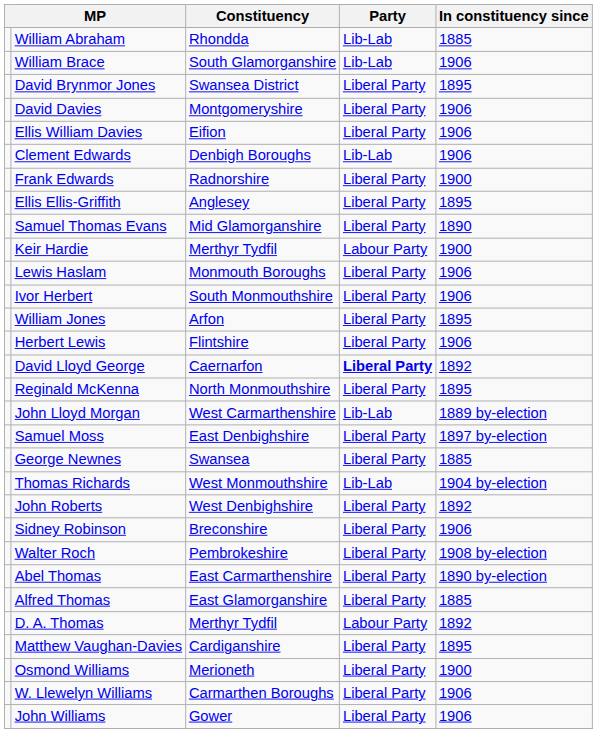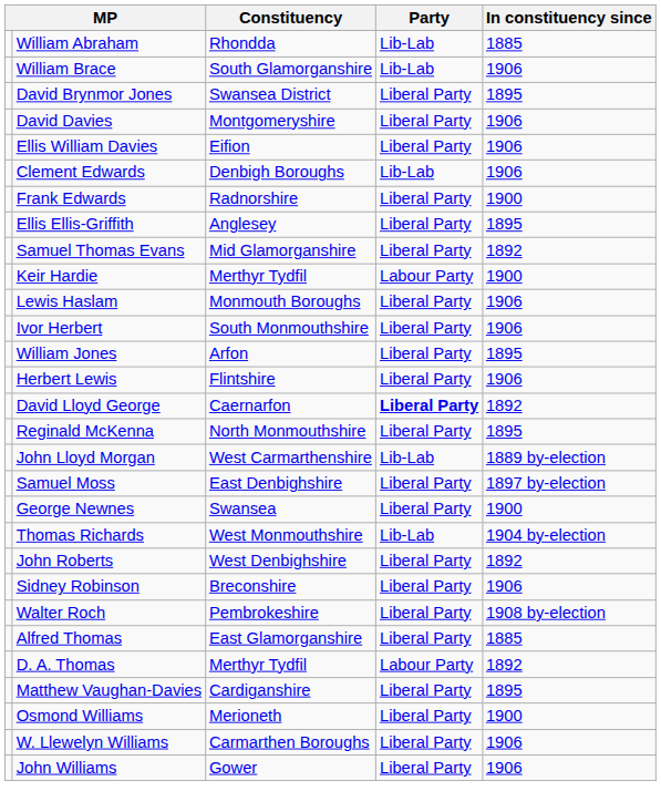 <table class="wikitable sortable">
 <tr>
 <th colspan="2">MP</th>
 <th>Constituency</th>
 <th>Party</th>
 <th>In constituency since</th>
 </tr>
 <tr>
 <td style="color:inherit;background-color: "></td>
 <td><a href='#'>William Abraham</a></td>
 <td><a href='#'>Rhondda</a></td>
 <td><a href='#'>Lib-Lab</a></td>
 <td><a href='#'>1885</a></td>
 </tr>
 <tr>
 <td style="color:inherit;background-color: "></td>
 <td><a href='#'>William Brace</a></td>
 <td><a href='#'>South Glamorganshire</a></td>
 <td><a href='#'>Lib-Lab</a></td>
 <td><a href='#'>1906</a></td>
 </tr>
 <tr>
 <td style="color:inherit;background-color: "></td>
 <td><a href='#'>David Brynmor Jones</a></td>
 <td><a href='#'>Swansea District</a></td>
 <td><a href='#'>Liberal Party</a></td>
 <td><a href='#'>1895</a></td>
 </tr>
 <tr>
 <td style="color:inherit;background-color: "></td>
 <td><a href='#'>David Davies</a></td>
 <td><a href='#'>Montgomeryshire</a></td>
 <td><a href='#'>Liberal Party</a></td>
 <td><a href='#'>1906</a></td>
 </tr>
 <tr>
 <td style="color:inherit;background-color: "></td>
 <td><a href='#'>Ellis William Davies</a></td>
 <td><a href='#'>Eifion</a></td>
 <td><a href='#'>Liberal Party</a></td>
 <td><a href='#'>1906</a></td>
 </tr>
 <tr>
 <td style="color:inherit;background-color: "></td>
 <td><a href='#'>Clement Edwards</a></td>
 <td><a href='#'>Denbigh Boroughs</a></td>
 <td><a href='#'>Lib-Lab</a></td>
 <td><a href='#'>1906</a></td>
 </tr>
 <tr>
 <td style="color:inherit;background-color: "></td>
 <td><a href='#'>Frank Edwards</a></td>
 <td><a href='#'>Radnorshire</a></td>
 <td><a href='#'>Liberal Party</a></td>
 <td><a href='#'>1900</a></td>
 </tr>
 <tr>
 <td style="color:inherit;background-color: "></td>
 <td><a href='#'>Ellis Ellis-Griffith</a></td>
 <td><a href='#'>Anglesey</a></td>
 <td><a href='#'>Liberal Party</a></td>
 <td><a href='#'>1895</a></td>
 </tr>
 <tr>
 <td style="color:inherit;background-color: "></td>
 <td><a href='#'>Samuel Thomas Evans</a></td>
 <td><a href='#'>Mid Glamorganshire</a></td>
 <td><a href='#'>Liberal Party</a></td>
-<td><a href='#'>1890</a></td>
+<td><a href='#'>1892</a></td>
 </tr>
 <tr>
 <td style="color:inherit;background-color: "></td>
 <td><a href='#'>Keir Hardie</a></td>
 <td><a href='#'>Merthyr Tydfil</a></td>
 <td><a href='#'>Labour Party</a></td>
 <td><a href='#'>1900</a></td>
 </tr>
 <tr>
 <td style="color:inherit;background-color: "></td>
 <td><a href='#'>Lewis Haslam</a></td>
 <td><a href='#'>Monmouth Boroughs</a></td>
 <td><a href='#'>Liberal Party</a></td>
 <td><a href='#'>1906</a></td>
 </tr>
 <tr>
 <td style="color:inherit;background-color: "></td>
 <td><a href='#'>Ivor Herbert</a></td>
 <td><a href='#'>South Monmouthshire</a></td>
 <td><a href='#'>Liberal Party</a></td>
 <td><a href='#'>1906</a></td>
 </tr>
 <tr>
 <td style="color:inherit;background-color: "></td>
 <td><a href='#'>William Jones</a></td>
 <td><a href='#'>Arfon</a></td>
 <td><a href='#'>Liberal Party</a></td>
 <td><a href='#'>1895</a></td>
 </tr>
 <tr>
 <td style="color:inherit;background-color: "></td>
 <td><a href='#'>Herbert Lewis</a></td>
 <td><a href='#'>Flintshire</a></td>
 <td><a href='#'>Liberal Party</a></td>
 <td><a href='#'>1906</a></td>
 </tr>
 <tr>
 <td style="color:inherit;background-color: "></td>
 <td><a href='#'>David Lloyd George</a></td>
 <td><a href='#'>Caernarfon</a></td>
 <td><strong><a href='#'>Liberal Party</a></strong></td>
 <td><a href='#'>1892</a></td>
 </tr>
 <tr>
 <td style="color:inherit;background-color: "></td>
 <td><a href='#'>Reginald McKenna</a></td>
 <td><a href='#'>North Monmouthshire</a></td>
 <td><a href='#'>Liberal Party</a></td>
 <td><a href='#'>1895</a></td>
 </tr>
 <tr>
 <td style="color:inherit;background-color: "></td>
 <td><a href='#'>John Lloyd Morgan</a></td>
 <td><a href='#'>West Carmarthenshire</a></td>
 <td><a href='#'>Lib-Lab</a></td>
 <td><a href='#'>1889 by-election</a></td>
 </tr>
 <tr>
 <td style="color:inherit;background-color: "></td>
 <td><a href='#'>Samuel Moss</a></td>
 <td><a href='#'>East Denbighshire</a></td>
 <td><a href='#'>Liberal Party</a></td>
 <td><a href='#'>1897 by-election</a></td>
 </tr>
 <tr>
 <td style="color:inherit;background-color: "></td>
 <td><a href='#'>George Newnes</a></td>
 <td><a href='#'>Swansea</a></td>
 <td><a href='#'>Liberal Party</a></td>
-<td><a href='#'>1885</a></td>
+<td><a href='#'>1900</a></td>
 </tr>
 <tr>
 <td style="color:inherit;background-color: "></td>
 <td><a href='#'>Thomas Richards</a></td>
 <td><a href='#'>West Monmouthshire</a></td>
 <td><a href='#'>Lib-Lab</a></td>
 <td><a href='#'>1904 by-election</a></td>
 </tr>
 <tr>
 <td style="color:inherit;background-color: "></td>
 <td><a href='#'>John Roberts</a></td>
 <td><a href='#'>West Denbighshire</a></td>
 <td><a href='#'>Liberal Party</a></td>
 <td><a href='#'>1892</a></td>
 </tr>
 <tr>
 <td style="color:inherit;background-color: "></td>
 <td><a href='#'>Sidney Robinson</a></td>
 <td><a href='#'>Breconshire</a></td>
 <td><a href='#'>Liberal Party</a></td>
 <td><a href='#'>1906</a></td>
 </tr>
 <tr>
 <td style="color:inherit;background-color: "></td>
 <td><a href='#'>Walter Roch</a></td>
 <td><a href='#'>Pembrokeshire</a></td>
 <td><a href='#'>Liberal Party</a></td>
 <td><a href='#'>1908 by-election</a></td>
-</tr>
-<tr>
-<td style="color:inherit;background-color: "></td>
-<td><a href='#'>Abel Thomas</a></td>
-<td><a href='#'>East Carmarthenshire</a></td>
-<td><a href='#'>Liberal Party</a></td>
-<td><a href='#'>1890 by-election</a></td>
 </tr>
 <tr>
 <td style="color:inherit;background-color: "></td>
 <td><a href='#'>Alfred Thomas</a></td>
 <td><a href='#'>East Glamorganshire</a></td>
 <td><a href='#'>Liberal Party</a></td>
 <td><a href='#'>1885</a></td>
 </tr>
 <tr>
 <td style="color:inherit;background-color: "></td>
 <td><a href='#'>D. A. Thomas</a></td>
 <td><a href='#'>Merthyr Tydfil</a></td>
 <td><a href='#'>Labour Party</a></td>
 <td><a href='#'>1892</a></td>
 </tr>
 <tr>
 <td style="color:inherit;background-color: "></td>
 <td><a href='#'>Matthew Vaughan-Davies</a></td>
 <td><a href='#'>Cardiganshire</a></td>
 <td><a href='#'>Liberal Party</a></td>
 <td><a href='#'>1895</a></td>
 </tr>
 <tr>
 <td style="color:inherit;background-color: "></td>
 <td><a href='#'>Osmond Williams</a></td>
 <td><a href='#'>Merioneth</a></td>
 <td><a href='#'>Liberal Party</a></td>
 <td><a href='#'>1900</a></td>
 </tr>
 <tr>
 <td style="color:inherit;background-color: "></td>
 <td><a href='#'>W. Llewelyn Williams</a></td>
 <td><a href='#'>Carmarthen Boroughs</a></td>
 <td><a href='#'>Liberal Party</a></td>
 <td><a href='#'>1906</a></td>
 </tr>
 <tr>
 <td style="color:inherit;background-color: "></td>
 <td><a href='#'>John Williams</a></td>
 <td><a href='#'>Gower</a></td>
 <td><a href='#'>Liberal Party</a></td>
 <td><a href='#'>1906</a></td>
 </tr>
 </table>
